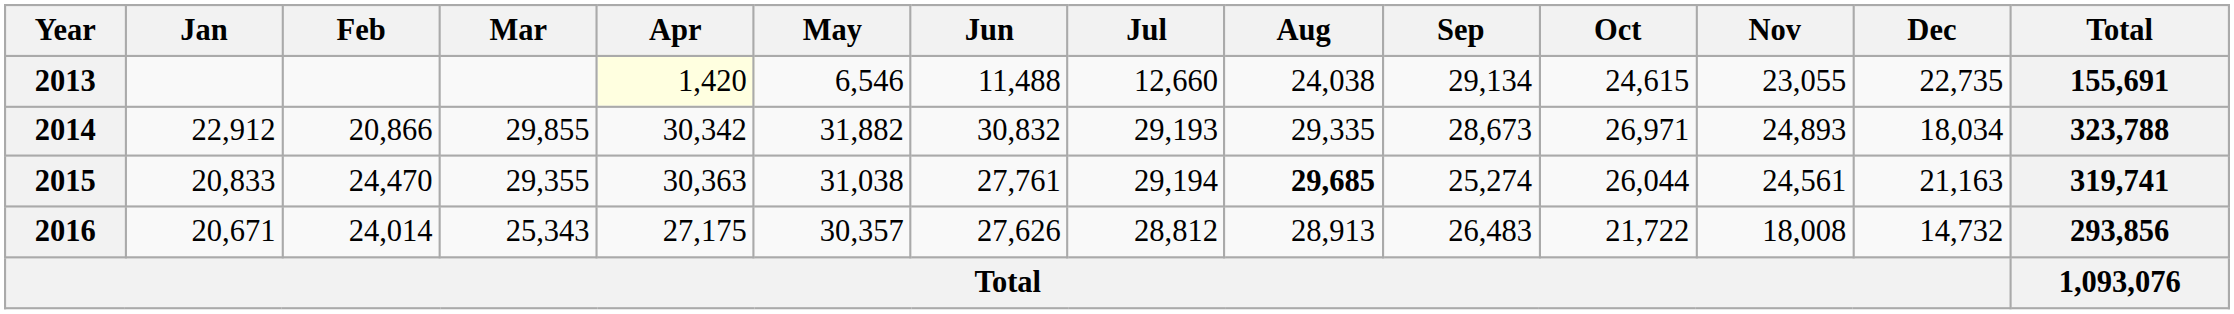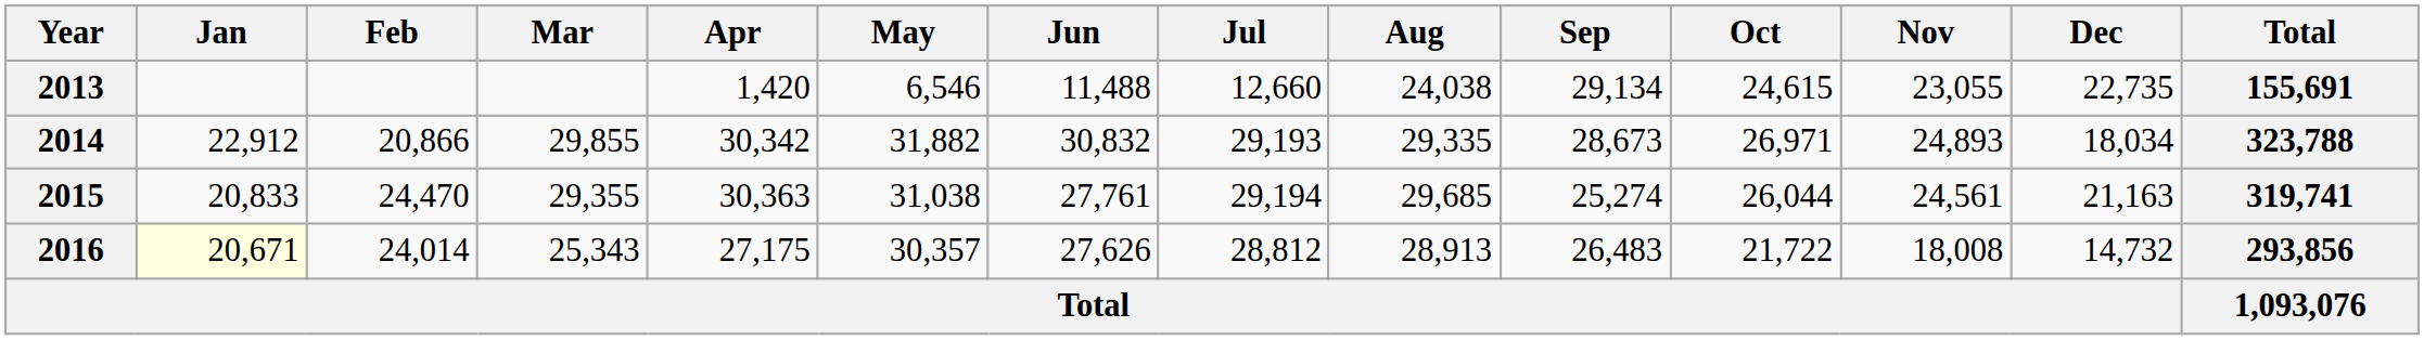 <table class=wikitable style="text-align:right; font-size:0.9em; width:1050px;">
 <tr>
 <th>Year</th>
 <th>Jan</th>
 <th>Feb</th>
 <th>Mar</th>
 <th>Apr</th>
 <th>May</th>
 <th>Jun</th>
 <th>Jul</th>
 <th>Aug</th>
 <th>Sep</th>
 <th>Oct</th>
 <th>Nov</th>
 <th>Dec</th>
 <th>Total</th>
 </tr>
 <tr>
 <th>2013</th>
 <td></td>
 <td></td>
 <td></td>
-<td style="background: lightyellow;">1,420</td>
+<td>1,420</td>
 <td>6,546</td>
 <td>11,488</td>
 <td>12,660</td>
 <td>24,038</td>
 <td>29,134</td>
 <td>24,615</td>
 <td>23,055</td>
 <td>22,735</td>
 <th>155,691</th>
 </tr>
 <tr>
 <th>2014</th>
 <td>22,912</td>
 <td>20,866</td>
 <td>29,855</td>
 <td>30,342</td>
 <td>31,882</td>
 <td>30,832</td>
 <td>29,193</td>
 <td>29,335</td>
 <td>28,673</td>
 <td>26,971</td>
 <td>24,893</td>
 <td>18,034</td>
 <th>323,788</th>
 </tr>
 <tr>
 <th>2015</th>
 <td>20,833</td>
 <td>24,470</td>
 <td>29,355</td>
 <td>30,363</td>
 <td>31,038</td>
 <td>27,761</td>
 <td>29,194</td>
-<td><strong>29,685</strong></td>
+<td>29,685</td>
 <td>25,274</td>
 <td>26,044</td>
 <td>24,561</td>
 <td>21,163</td>
 <th>319,741</th>
 </tr>
 <tr>
 <th>2016</th>
-<td>20,671</td>
+<td style="background: lightyellow;">20,671</td>
 <td>24,014</td>
 <td>25,343</td>
 <td>27,175</td>
 <td>30,357</td>
 <td>27,626</td>
 <td>28,812</td>
 <td>28,913</td>
 <td>26,483</td>
 <td>21,722</td>
 <td>18,008</td>
 <td>14,732</td>
 <th>293,856</th>
 </tr>
 <tr>
 <th colspan=13>Total</th>
 <th>1,093,076</th>
 </tr>
 </table>
